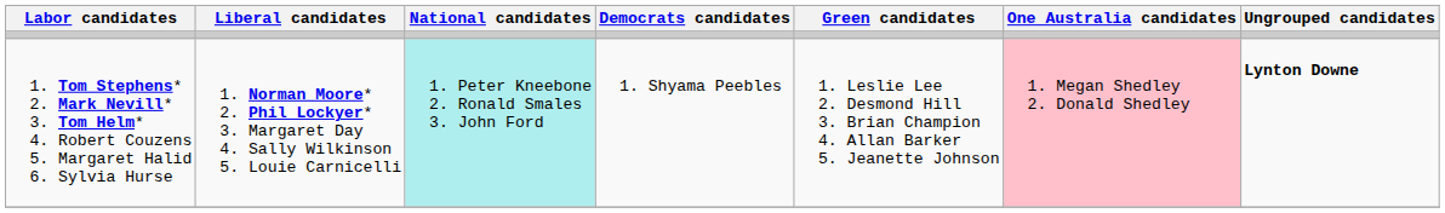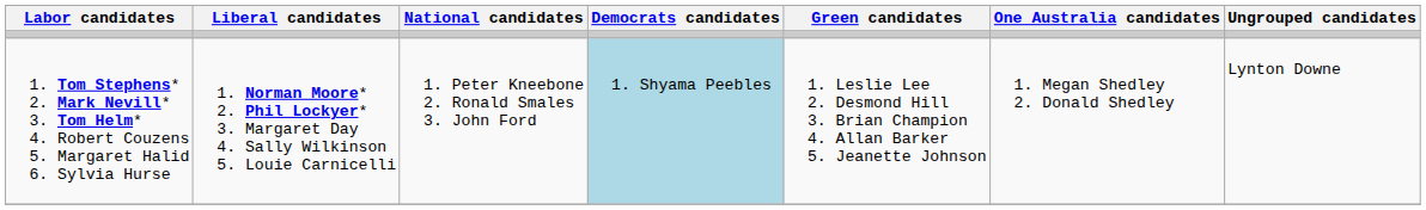 <table class="wikitable">
 <tr>
 <th><a href='#'>Labor</a> candidates</th>
 <th><a href='#'>Liberal</a> candidates</th>
 <th><a href='#'>National</a> candidates</th>
 <th><a href='#'>Democrats</a> candidates</th>
 <th><a href='#'>Green</a> candidates</th>
 <th><a href='#'>One Australia</a> candidates</th>
 <th>Ungrouped candidates</th>
 </tr>
 <tr bgcolor="#cccccc">
 <td></td>
 <td></td>
 <td></td>
 <td></td>
 <td></td>
 <td></td>
 <td></td>
 </tr>
 <tr>
 <td><br><ol><li><strong><a href='#'>Tom Stephens</a></strong>*</li><li><strong><a href='#'>Mark Nevill</a></strong>*</li><li><strong><a href='#'>Tom Helm</a></strong>*</li><li>Robert Couzens</li><li>Margaret Halid</li><li>Sylvia Hurse</li></ol></td>
 <td><br><ol><li><strong><a href='#'>Norman Moore</a></strong>*</li><li><strong><a href='#'>Phil Lockyer</a></strong>*</li><li>Margaret Day</li><li>Sally Wilkinson</li><li>Louie Carnicelli</li></ol></td>
-<td valign=top style="background: paleturquoise;"><br><ol><li>Peter Kneebone</li><li>Ronald Smales</li><li>John Ford</li></ol></td>
-<td valign=top><br><ol><li>Shyama Peebles</li></ol></td>
+<td valign=top><br><ol><li>Peter Kneebone</li><li>Ronald Smales</li><li>John Ford</li></ol></td>
+<td valign=top style="background: lightblue;"><br><ol><li>Shyama Peebles</li></ol></td>
 <td valign=top><br><ol><li>Leslie Lee</li><li>Desmond Hill</li><li>Brian Champion</li><li>Allan Barker</li><li>Jeanette Johnson</li></ol></td>
-<td valign=top style="background: pink;"><br><ol><li>Megan Shedley</li><li>Donald Shedley</li></ol></td>
-<td valign=top><strong><br>Lynton Downe</strong></td>
+<td valign=top><br><ol><li>Megan Shedley</li><li>Donald Shedley</li></ol></td>
+<td valign=top><br>Lynton Downe</td>
 </tr>
 <tr>
 </tr>
 </table>
